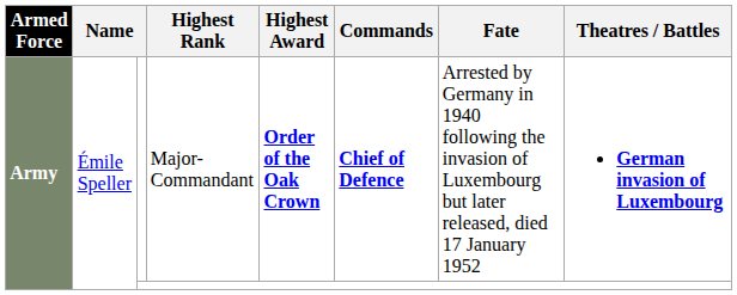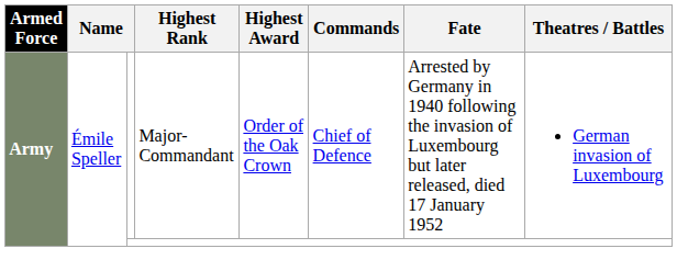 <table class="wikitable">
 <tr>
 <th style="background:#000; color:white;">Armed Force</th>
 <th colspan="2">Name</th>
 <th>Highest Rank</th>
 <th>Highest Award</th>
 <th>Commands</th>
 <th>Fate</th>
 <th>Theatres / Battles</th>
 </tr>
 <tr style="background:#fff;">
 <td rowspan="6" style="background:#78866b; color:white;"><strong>Army</strong></td>
 <td rowspan="2"><a href='#'>Émile Speller</a></td>
 <td></td>
 <td>Major-Commandant</td>
-<td><strong><a href='#'>Order of the Oak Crown</a></strong></td>
-<td><strong><a href='#'>Chief of Defence</a></strong></td>
+<td><a href='#'>Order of the Oak Crown</a></td>
+<td><a href='#'>Chief of Defence</a></td>
 <td>Arrested by Germany in 1940 following the invasion of Luxembourg but later released, died 17 January 1952</td>
-<td><strong><br><ul><li><a href='#'>German invasion of Luxembourg</a></li></ul></strong></td>
+<td><br><ul><li><a href='#'>German invasion of Luxembourg</a></li></ul></td>
 </tr>
 <tr style="background:#fff;">
 <td colspan="8"></td>
 </tr>
 </table>
